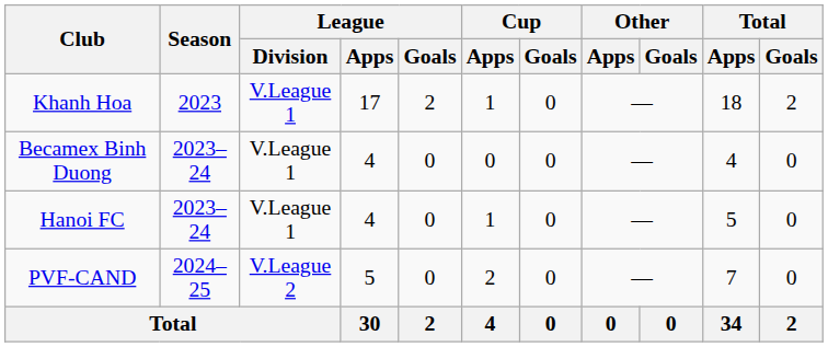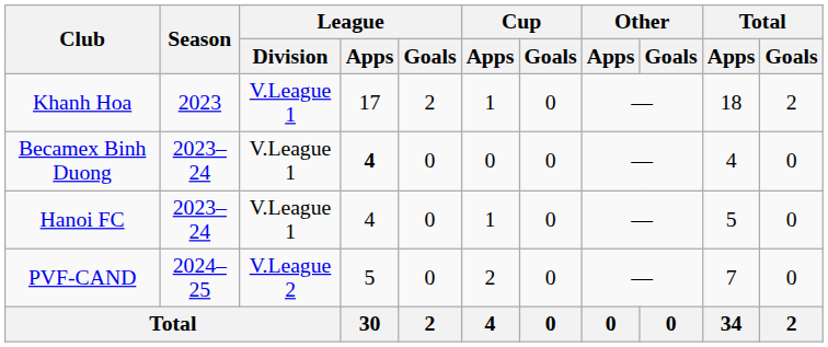 <table class="wikitable" style="text-align: center; margin-bottom: 10px;">
 <tr>
 <th rowspan=2>Club</th>
 <th rowspan=2>Season</th>
 <th colspan=3>League</th>
 <th colspan=2>Cup</th>
 <th colspan=2>Other</th>
 <th colspan=2>Total</th>
 </tr>
 <tr>
 <th>Division</th>
 <th>Apps</th>
 <th>Goals</th>
 <th>Apps</th>
 <th>Goals</th>
 <th>Apps</th>
 <th>Goals</th>
 <th>Apps</th>
 <th>Goals</th>
 </tr>
 <tr>
 <td><a href='#'>Khanh Hoa</a></td>
 <td><a href='#'>2023</a></td>
 <td><a href='#'>V.League 1</a></td>
 <td>17</td>
 <td>2</td>
 <td>1</td>
 <td>0</td>
 <td colspan=2>—</td>
 <td>18</td>
 <td>2</td>
 </tr>
 <tr>
 <td><a href='#'>Becamex Binh Duong</a></td>
 <td><a href='#'>2023–24</a></td>
 <td>V.League 1</td>
-<td>4</td>
+<td><strong>4</strong></td>
 <td>0</td>
 <td>0</td>
 <td>0</td>
 <td colspan=2>—</td>
 <td>4</td>
 <td>0</td>
 </tr>
 <tr>
 <td><a href='#'>Hanoi FC</a></td>
 <td><a href='#'>2023–24</a></td>
 <td>V.League 1</td>
 <td>4</td>
 <td>0</td>
 <td>1</td>
 <td>0</td>
 <td colspan=2>—</td>
 <td>5</td>
 <td>0</td>
 </tr>
 <tr>
 <td><a href='#'>PVF-CAND</a></td>
 <td><a href='#'>2024–25</a></td>
 <td><a href='#'>V.League 2</a></td>
 <td>5</td>
 <td>0</td>
 <td>2</td>
 <td>0</td>
 <td colspan=2>—</td>
 <td>7</td>
 <td>0</td>
 </tr>
 <tr>
 <th colspan=3>Total</th>
 <th>30</th>
 <th>2</th>
 <th>4</th>
 <th>0</th>
 <th>0</th>
 <th>0</th>
 <th>34</th>
 <th>2</th>
 </tr>
 </table>
